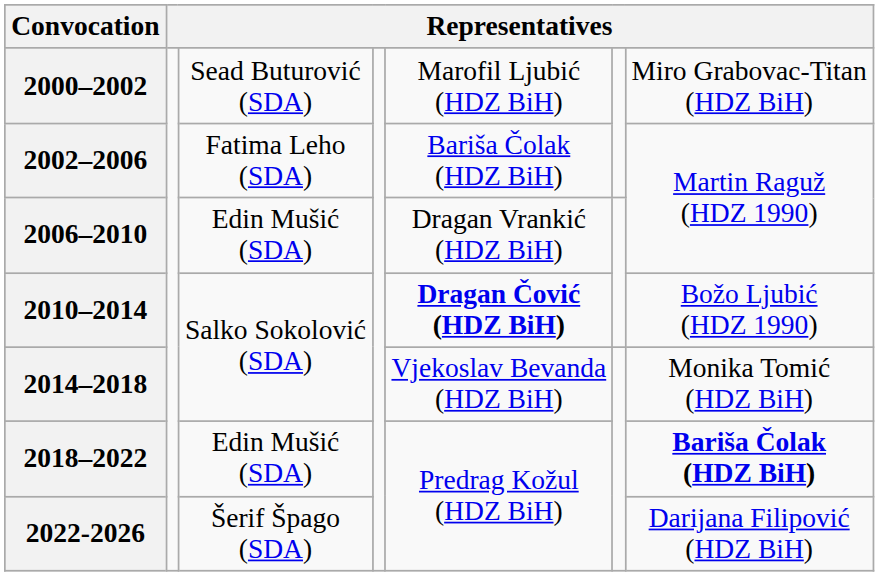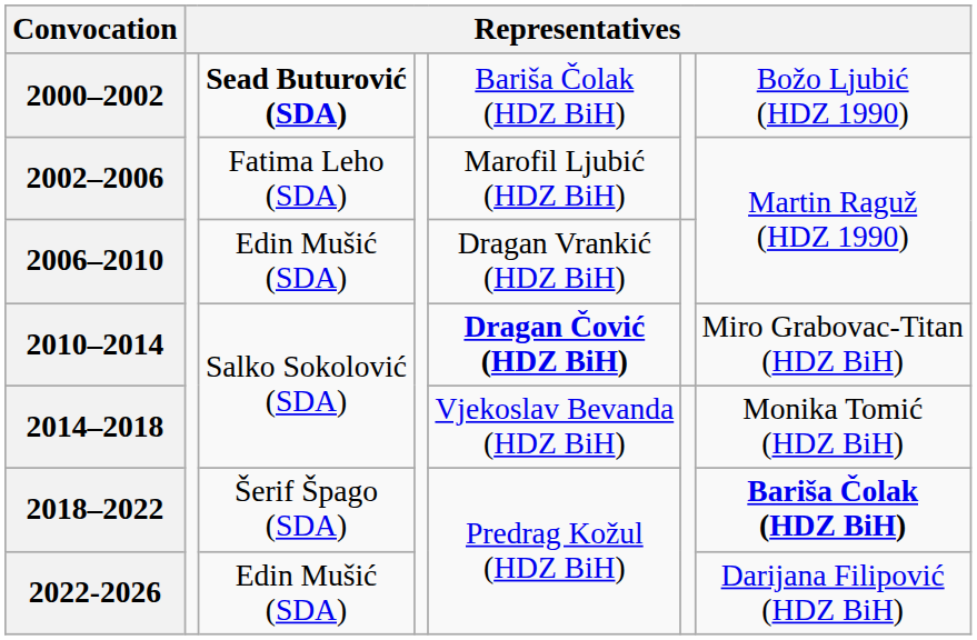 <table class="wikitable" style="text-align:center">
 <tr>
 <th>Convocation</th>
 <th colspan=6>Representatives</th>
 </tr>
 <tr>
 <th>2000–2002</th>
 <td rowspan=7; style="background-color: "></td>
-<td>Sead Buturović<br>(<a href='#'>SDA</a>)</td>
+<td><strong>Sead Buturović<br>(<a href='#'>SDA</a>)</strong></td>
 <td rowspan=7; style="background-color: "></td>
-<td>Marofil Ljubić<br>(<a href='#'>HDZ BiH</a>)</td>
+<td><a href='#'>Bariša Čolak</a><br>(<a href='#'>HDZ BiH</a>)</td>
 <td rowspan=2; style="background-color: "></td>
-<td>Miro Grabovac-Titan<br>(<a href='#'>HDZ BiH</a>)</td>
+<td><a href='#'>Božo Ljubić</a><br>(<a href='#'>HDZ 1990</a>)</td>
 </tr>
 <tr>
 <th>2002–2006</th>
 <td>Fatima Leho<br>(<a href='#'>SDA</a>)</td>
-<td><a href='#'>Bariša Čolak</a><br>(<a href='#'>HDZ BiH</a>)</td>
+<td>Marofil Ljubić<br>(<a href='#'>HDZ BiH</a>)</td>
 <td rowspan=2><a href='#'>Martin Raguž</a><br>(<a href='#'>HDZ 1990</a>)</td>
 </tr>
 <tr>
 <th>2006–2010</th>
 <td>Edin Mušić<br>(<a href='#'>SDA</a>)</td>
 <td>Dragan Vrankić<br>(<a href='#'>HDZ BiH</a>)</td>
 <td rowspan=2; style="background-color: "></td>
 </tr>
 <tr>
 <th>2010–2014</th>
 <td rowspan=2>Salko Sokolović<br>(<a href='#'>SDA</a>)</td>
 <td><strong><a href='#'>Dragan Čović</a><br>(<a href='#'>HDZ BiH</a>)</strong></td>
-<td><a href='#'>Božo Ljubić</a><br>(<a href='#'>HDZ 1990</a>)</td>
+<td>Miro Grabovac-Titan<br>(<a href='#'>HDZ BiH</a>)</td>
 </tr>
 <tr>
 <th>2014–2018</th>
 <td><a href='#'>Vjekoslav Bevanda</a><br>(<a href='#'>HDZ BiH</a>)</td>
 <td rowspan=3; style="background-color: "></td>
 <td>Monika Tomić<br>(<a href='#'>HDZ BiH</a>)</td>
 </tr>
 <tr>
 <th>2018–2022</th>
-<td>Edin Mušić<br>(<a href='#'>SDA</a>)</td>
+<td>Šerif Špago<br>(<a href='#'>SDA</a>)</td>
 <td rowspan=2><a href='#'>Predrag Kožul</a><br>(<a href='#'>HDZ BiH</a>)</td>
 <td><strong><a href='#'>Bariša Čolak</a><br>(<a href='#'>HDZ BiH</a>)</strong></td>
 </tr>
 <tr>
 <th>2022-2026</th>
-<td>Šerif Špago<br>(<a href='#'>SDA</a>)</td>
+<td>Edin Mušić<br>(<a href='#'>SDA</a>)</td>
 <td><a href='#'>Darijana Filipović</a><br>(<a href='#'>HDZ BiH</a>)</td>
 </tr>
 </table>
